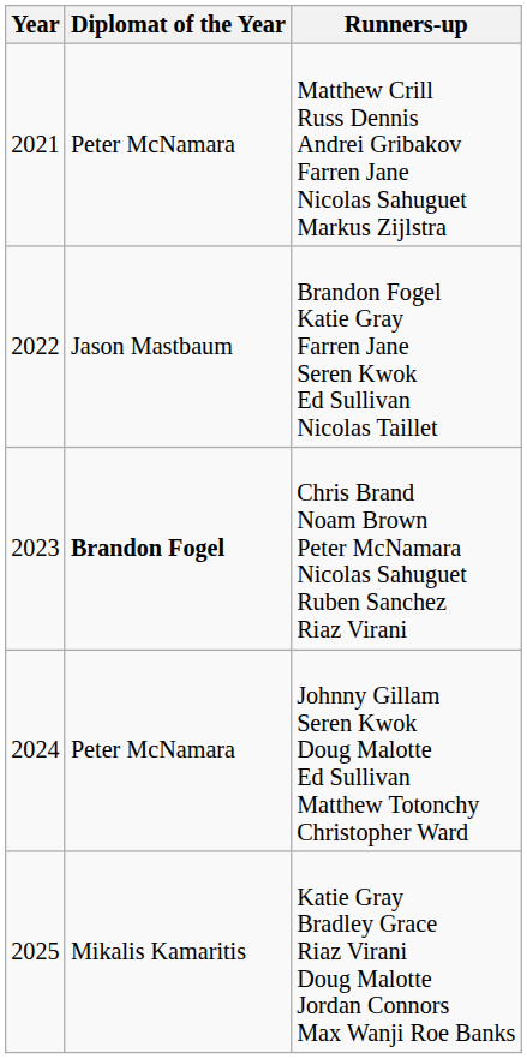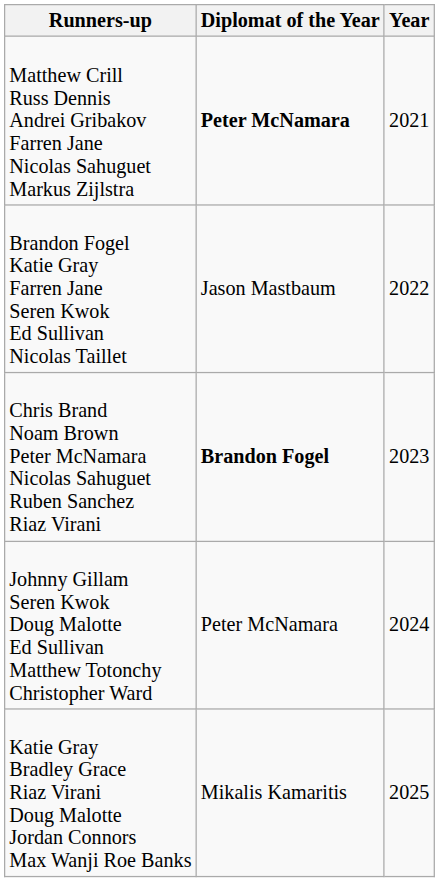 <table class="wikitable">
 <tr>
+<th>Runners-up</th>
+<th>Diplomat of the Year</th>
 <th>Year</th>
-<th>Diplomat of the Year</th>
-<th>Runners-up</th>
 </tr>
 <tr>
+<td><br> Matthew Crill<br>  Russ Dennis<br>  Andrei Gribakov<br>  Farren Jane<br>  Nicolas Sahuguet<br>  Markus Zijlstra</td>
+<td><strong> Peter McNamara</strong></td>
 <td>2021</td>
-<td> Peter McNamara</td>
-<td><br> Matthew Crill<br>  Russ Dennis<br>  Andrei Gribakov<br>  Farren Jane<br>  Nicolas Sahuguet<br>  Markus Zijlstra</td>
 </tr>
 <tr>
+<td><br> Brandon Fogel<br>  Katie Gray<br>  Farren Jane<br>  Seren Kwok<br>  Ed Sullivan<br>  Nicolas Taillet</td>
+<td> Jason Mastbaum</td>
 <td>2022</td>
-<td> Jason Mastbaum</td>
-<td><br> Brandon Fogel<br>  Katie Gray<br>  Farren Jane<br>  Seren Kwok<br>  Ed Sullivan<br>  Nicolas Taillet</td>
 </tr>
 <tr>
+<td><br> Chris Brand<br>  Noam Brown<br>  Peter McNamara<br>  Nicolas Sahuguet<br>  Ruben Sanchez<br>  Riaz Virani</td>
+<td><strong> Brandon Fogel</strong></td>
 <td>2023</td>
-<td><strong> Brandon Fogel</strong></td>
-<td><br> Chris Brand<br>  Noam Brown<br>  Peter McNamara<br>  Nicolas Sahuguet<br>  Ruben Sanchez<br>  Riaz Virani</td>
 </tr>
 <tr>
+<td><br> Johnny Gillam<br>  Seren Kwok<br>  Doug Malotte<br>  Ed Sullivan<br>  Matthew Totonchy<br>  Christopher Ward</td>
+<td> Peter McNamara</td>
 <td>2024</td>
-<td> Peter McNamara</td>
-<td><br> Johnny Gillam<br>  Seren Kwok<br>  Doug Malotte<br>  Ed Sullivan<br>  Matthew Totonchy<br>  Christopher Ward</td>
 </tr>
 <tr>
+<td><br> Katie Gray<br>  Bradley Grace<br>  Riaz Virani<br>  Doug Malotte<br>  Jordan Connors<br>  Max Wanji Roe Banks</td>
+<td> Mikalis Kamaritis</td>
 <td>2025</td>
-<td> Mikalis Kamaritis</td>
-<td><br> Katie Gray<br>  Bradley Grace<br>  Riaz Virani<br>  Doug Malotte<br>  Jordan Connors<br>  Max Wanji Roe Banks</td>
 </tr>
 </table>
